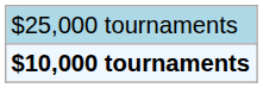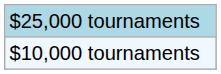 <table class="wikitable"  style="font-size:90%; width:12%;">
 <tr style="background:lightblue;">
 <td>$25,000 tournaments</td>
 </tr>
 <tr style="background:#f0f8ff;">
-<td><strong>$10,000 tournaments</strong></td>
+<td>$10,000 tournaments</td>
 </tr>
 </table>
